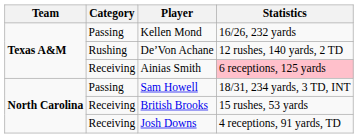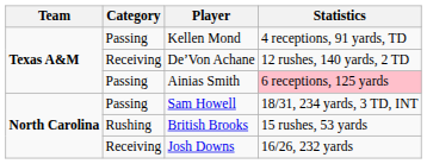 <table class="wikitable" style="float: right;">
 <tr>
 <th>Team</th>
 <th>Category</th>
 <th>Player</th>
 <th>Statistics</th>
 </tr>
 <tr>
 <td rowspan=3><strong>Texas A&M</strong></td>
 <td>Passing</td>
 <td>Kellen Mond</td>
-<td>16/26, 232 yards</td>
+<td>4 receptions, 91 yards, TD</td>
 </tr>
 <tr>
-<td>Rushing</td>
+<td>Receiving</td>
 <td>De’Von Achane</td>
 <td>12 rushes, 140 yards, 2 TD</td>
 </tr>
 <tr>
-<td>Receiving</td>
+<td>Passing</td>
 <td>Ainias Smith</td>
 <td style="background: pink;">6 receptions, 125 yards</td>
 </tr>
 <tr>
 <td rowspan=3><strong>North Carolina</strong></td>
 <td>Passing</td>
 <td><a href='#'>Sam Howell</a></td>
 <td>18/31, 234 yards, 3 TD, INT</td>
 </tr>
 <tr>
-<td>Receiving</td>
+<td>Rushing</td>
 <td><a href='#'>British Brooks</a></td>
 <td>15 rushes, 53 yards</td>
 </tr>
 <tr>
 <td>Receiving</td>
 <td><a href='#'>Josh Downs</a></td>
-<td>4 receptions, 91 yards, TD</td>
+<td>16/26, 232 yards</td>
 </tr>
 </table>
